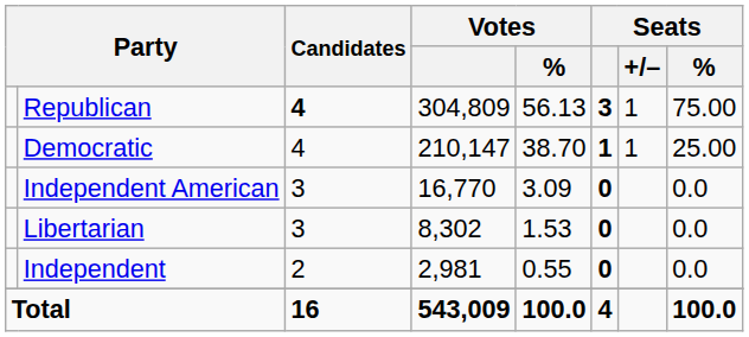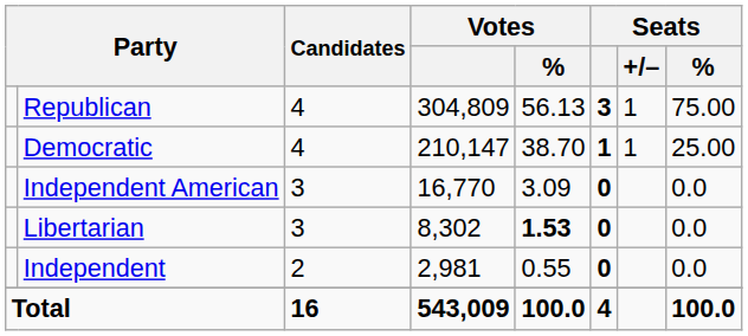 <table class="wikitable" style="font-size: 95%;">
 <tr>
 <th colspan="2" rowspan="2">Party</th>
 <th rowspan="2"><small>Candi</small><small>dates</small></th>
 <th colspan="2">Votes</th>
 <th colspan="3">Seats</th>
 </tr>
 <tr>
 <th></th>
 <th>%</th>
 <th></th>
 <th>+/–</th>
 <th>%</th>
 </tr>
 <tr>
 <td style="background:"></td>
 <td align="left"><a href='#'>Republican</a></td>
-<td><strong>4</strong></td>
+<td>4</td>
 <td>304,809</td>
 <td>56.13</td>
 <td><strong>3</strong></td>
 <td> 1</td>
 <td>75.00</td>
 </tr>
 <tr>
 <td style="background:"></td>
 <td align="left"><a href='#'>Democratic</a></td>
 <td>4</td>
 <td>210,147</td>
 <td>38.70</td>
 <td><strong>1</strong></td>
 <td> 1</td>
 <td>25.00</td>
 </tr>
 <tr>
 <td style="background:"></td>
 <td align="left"><a href='#'>Independent American</a></td>
 <td>3</td>
 <td>16,770</td>
 <td>3.09</td>
 <td><strong>0</strong></td>
 <td></td>
 <td>0.0</td>
 </tr>
 <tr>
 <td style="background:"></td>
 <td align="left"><a href='#'>Libertarian</a></td>
 <td>3</td>
 <td>8,302</td>
-<td>1.53</td>
+<td><strong>1.53</strong></td>
 <td><strong>0</strong></td>
 <td></td>
 <td>0.0</td>
 </tr>
 <tr>
 <td style="background:"></td>
 <td align="left"><a href='#'>Independent</a></td>
 <td>2</td>
 <td>2,981</td>
 <td>0.55</td>
 <td><strong>0</strong></td>
 <td></td>
 <td>0.0</td>
 </tr>
 <tr>
 </tr>
 <tr style="font-weight:bold">
 <td colspan="2" align="left">Total</td>
 <td>16</td>
 <td>543,009</td>
 <td>100.0</td>
 <td>4</td>
 <td></td>
 <td>100.0</td>
 </tr>
 </table>
